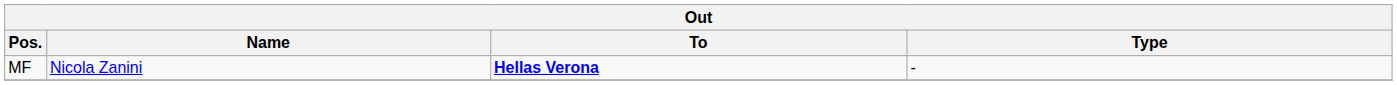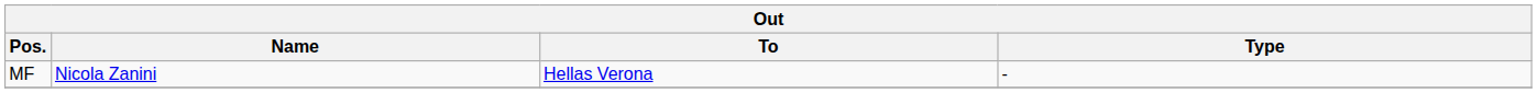 <table class="wikitable" style="font-size:90%;width:99%;">
 <tr>
 <th colspan="4">Out</th>
 </tr>
 <tr>
 <th width=3%>Pos.</th>
 <th width=32%>Name</th>
 <th width=30%>To</th>
 <th width=35%>Type</th>
 </tr>
 <tr>
 <td>MF</td>
 <td><a href='#'>Nicola Zanini</a></td>
-<td><strong><a href='#'>Hellas Verona</a></strong></td>
+<td><a href='#'>Hellas Verona</a></td>
 <td>-</td>
 </tr>
 <tr>
 </tr>
 </table>
